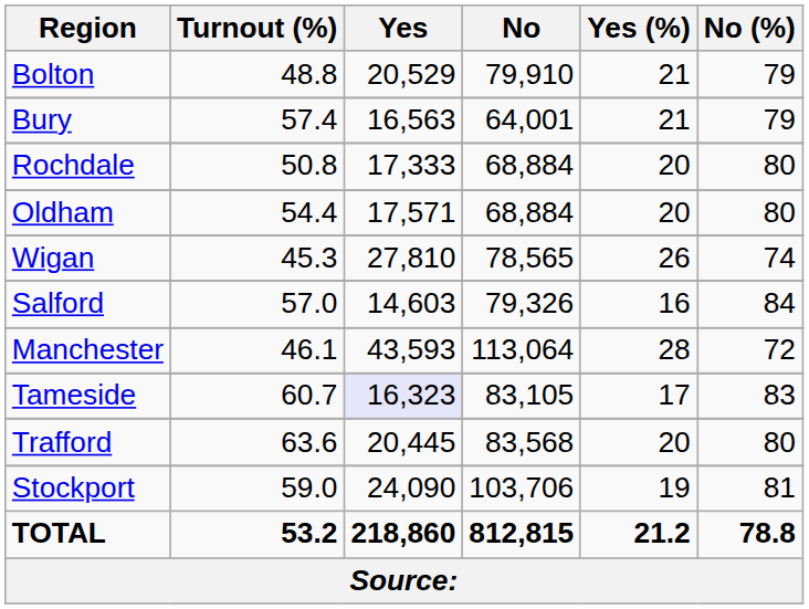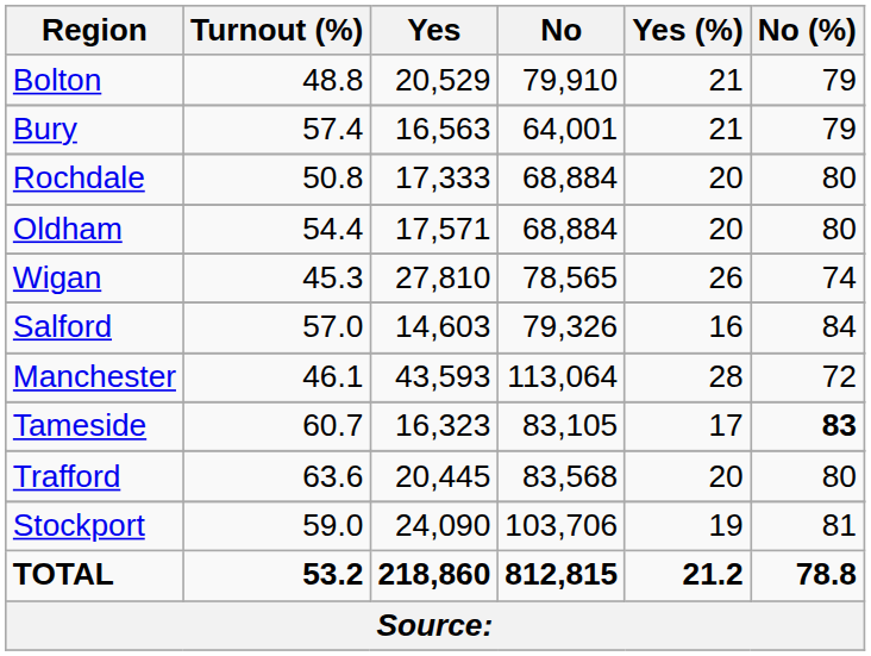 <table class="sortable wikitable">
 <tr>
 <th>Region</th>
 <th>Turnout (%)</th>
 <th>Yes</th>
 <th>No</th>
 <th>Yes (%)</th>
 <th>No (%)</th>
 </tr>
 <tr>
 <td><a href='#'>Bolton</a></td>
 <td align="right">48.8</td>
 <td align="right">20,529</td>
 <td align="right">79,910</td>
 <td align="right">21</td>
 <td align="right">79</td>
 </tr>
 <tr>
 </tr>
 <tr>
 <td><a href='#'>Bury</a></td>
 <td align="right">57.4</td>
 <td align="right">16,563</td>
 <td align="right">64,001</td>
 <td align="right">21</td>
 <td align="right">79</td>
 </tr>
 <tr>
 </tr>
 <tr>
 <td><a href='#'>Rochdale</a></td>
 <td align="right">50.8</td>
 <td align="right">17,333</td>
 <td align="right">68,884</td>
 <td align="right">20</td>
 <td align="right">80</td>
 </tr>
 <tr>
 </tr>
 <tr>
 <td><a href='#'>Oldham</a></td>
 <td align="right">54.4</td>
 <td align="right">17,571</td>
 <td align="right">68,884</td>
 <td align="right">20</td>
 <td align="right">80</td>
 </tr>
 <tr>
 </tr>
 <tr>
 <td><a href='#'>Wigan</a></td>
 <td align="right">45.3</td>
 <td align="right">27,810</td>
 <td align="right">78,565</td>
 <td align="right">26</td>
 <td align="right">74</td>
 </tr>
 <tr>
 </tr>
 <tr>
 <td><a href='#'>Salford</a></td>
 <td align="right">57.0</td>
 <td align="right">14,603</td>
 <td align="right">79,326</td>
 <td align="right">16</td>
 <td align="right">84</td>
 </tr>
 <tr>
 </tr>
 <tr>
 <td><a href='#'>Manchester</a></td>
 <td align="right">46.1</td>
 <td align="right">43,593</td>
 <td align="right">113,064</td>
 <td align="right">28</td>
 <td align="right">72</td>
 </tr>
 <tr>
 </tr>
 <tr>
 <td><a href='#'>Tameside</a></td>
 <td align="right">60.7</td>
-<td align="right" style="background: lavender;">16,323</td>
+<td align="right">16,323</td>
 <td align="right">83,105</td>
 <td align="right">17</td>
-<td align="right">83</td>
+<td align="right"><strong>83</strong></td>
 </tr>
 <tr>
 </tr>
 <tr>
 <td><a href='#'>Trafford</a></td>
 <td align="right">63.6</td>
 <td align="right">20,445</td>
 <td align="right">83,568</td>
 <td align="right">20</td>
 <td align="right">80</td>
 </tr>
 <tr>
 </tr>
 <tr>
 <td><a href='#'>Stockport</a></td>
 <td align="right">59.0</td>
 <td align="right">24,090</td>
 <td align="right">103,706</td>
 <td align="right">19</td>
 <td align="right">81</td>
 </tr>
 <tr>
 <td><strong>TOTAL</strong></td>
 <td align="right"><strong>53.2</strong></td>
 <td align="right"><strong>218,860</strong></td>
 <td align="right"><strong>812,815</strong></td>
 <td align="right"><strong>21.2</strong></td>
 <td align="right"><strong>78.8</strong></td>
 </tr>
 <tr>
 <th colspan="6"><em>Source: </em></th>
 </tr>
 </table>
